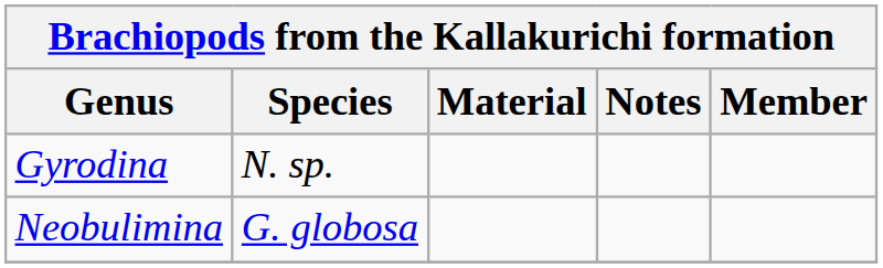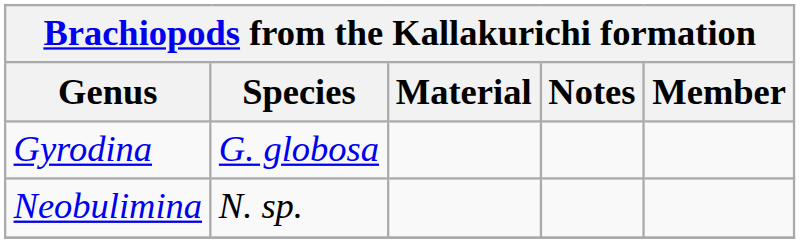 <table class="wikitable" align="center">
 <tr>
 <th colspan="5" align="center"><strong><a href='#'>Brachiopods</a> from the Kallakurichi formation</strong></th>
 </tr>
 <tr>
 <th>Genus</th>
 <th>Species</th>
 <th>Material</th>
 <th>Notes</th>
 <th>Member</th>
 </tr>
 <tr>
 <td><em><a href='#'>Gyrodina</a></em></td>
-<td><em>N. sp.</em></td>
+<td><em><a href='#'>G. globosa</a></em></td>
 <td></td>
 <td></td>
 <td></td>
 </tr>
 <tr>
 <td><em><a href='#'>Neobulimina</a></em></td>
-<td><em><a href='#'>G. globosa</a></em></td>
+<td><em>N. sp.</em></td>
 <td></td>
 <td></td>
 <td></td>
 </tr>
 <tr>
 </tr>
 </table>
